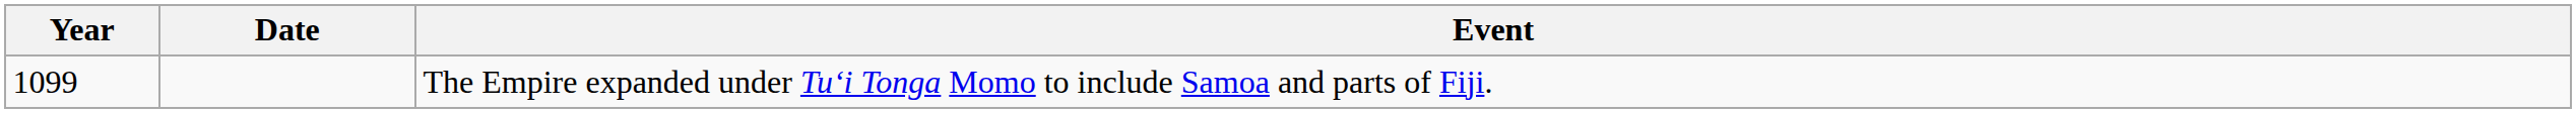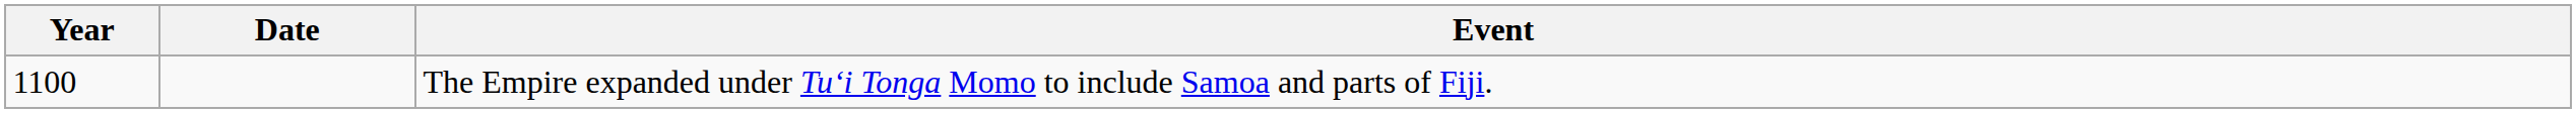 <table class="wikitable" width="100%">
 <tr>
 <th style="width:6%">Year</th>
 <th style="width:10%">Date</th>
 <th>Event</th>
 </tr>
 <tr>
-<td>1099</td>
+<td>1100</td>
 <td></td>
 <td>The Empire expanded under <em><a href='#'>Tuʻi Tonga</a></em> <a href='#'>Momo</a> to include <a href='#'>Samoa</a> and parts of <a href='#'>Fiji</a>.</td>
 </tr>
 </table>
